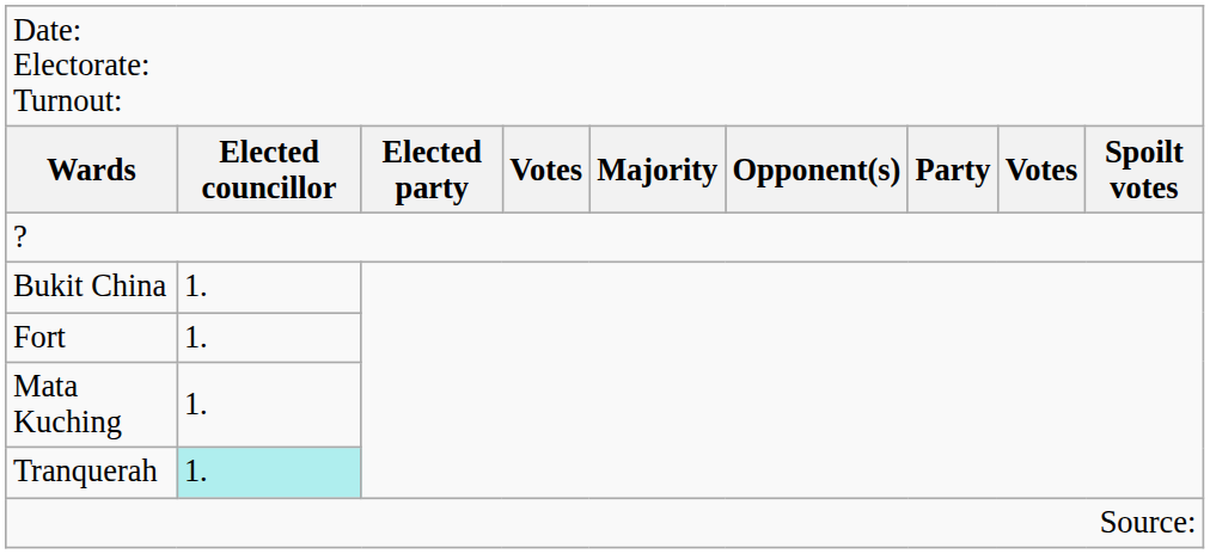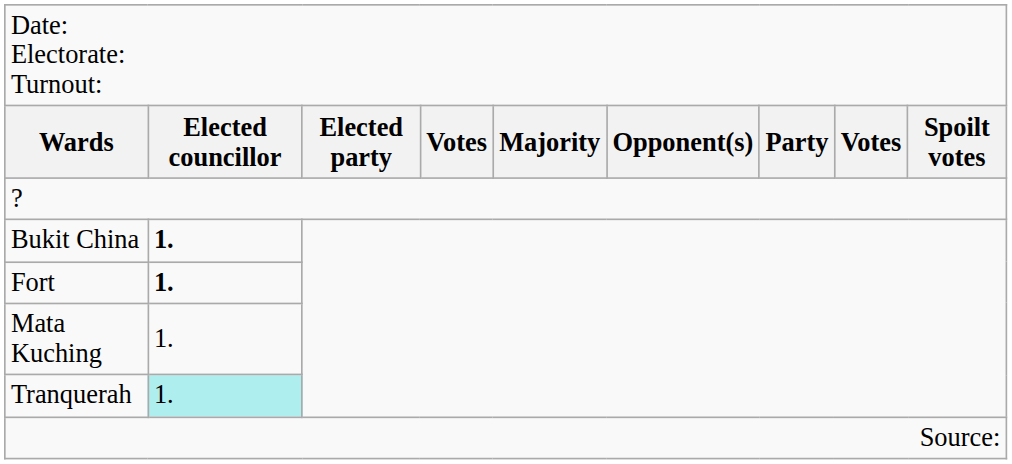 <table class=wikitable>
 <tr>
 <td colspan=9>Date: <br>Electorate: <br>Turnout:</td>
 </tr>
 <tr>
 <th>Wards</th>
 <th>Elected councillor</th>
 <th>Elected party</th>
 <th>Votes</th>
 <th>Majority</th>
 <th>Opponent(s)</th>
 <th>Party</th>
 <th>Votes</th>
 <th>Spoilt votes</th>
 </tr>
 <tr>
 <td colspan=9>? </td>
 </tr>
 <tr>
 <td>Bukit China</td>
-<td>1.</td>
+<td><strong>1.</strong></td>
 </tr>
 <tr>
 <td>Fort</td>
-<td>1.</td>
+<td><strong>1.</strong></td>
 </tr>
 <tr>
 <td>Mata Kuching</td>
 <td>1.</td>
 </tr>
 <tr>
 <td>Tranquerah</td>
 <td style="background: paleturquoise;">1.</td>
 </tr>
 <tr>
 <td colspan=9 align=right>Source:</td>
 </tr>
 </table>
